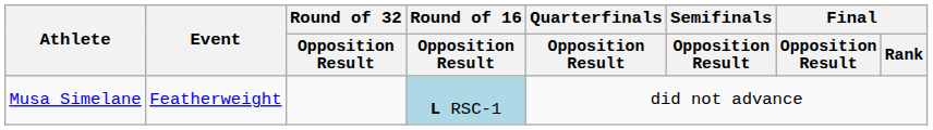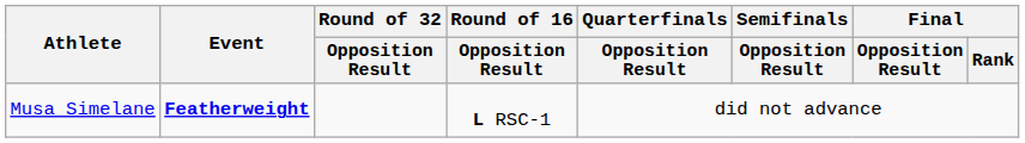 <table class="wikitable" style="font-size:90%">
 <tr>
 <th rowspan="2">Athlete</th>
 <th rowspan="2">Event</th>
 <th>Round of 32</th>
 <th>Round of 16</th>
 <th>Quarterfinals</th>
 <th>Semifinals</th>
 <th colspan=2>Final</th>
 </tr>
 <tr style="font-size:95%">
 <th>Opposition<br>Result</th>
 <th>Opposition<br>Result</th>
 <th>Opposition<br>Result</th>
 <th>Opposition<br>Result</th>
 <th>Opposition<br>Result</th>
 <th>Rank</th>
 </tr>
 <tr align=center>
 <td align=left><a href='#'>Musa Simelane</a></td>
-<td align=left><a href='#'>Featherweight</a></td>
+<td align=left><strong><a href='#'>Featherweight</a></strong></td>
 <td></td>
-<td style="background: lightblue;"><br><strong>L</strong> RSC-1</td>
+<td><br><strong>L</strong> RSC-1</td>
 <td colspan=4>did not advance</td>
 </tr>
 </table>
